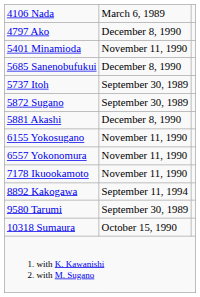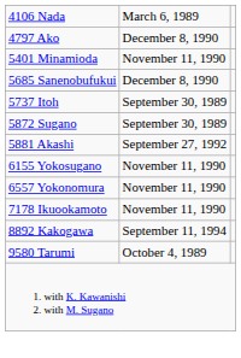 <table class="wikitable floatright" style="font-size: 0.9em;">
 <tr>
 <td><a href='#'>4106 Nada</a></td>
 <td>March 6, 1989</td>
 <td></td>
 </tr>
 <tr>
 <td><a href='#'>4797 Ako</a></td>
 <td>December 8, 1990</td>
 <td></td>
 </tr>
 <tr>
 <td><a href='#'>5401 Minamioda</a></td>
 <td>November 11, 1990</td>
 <td></td>
 </tr>
 <tr>
 <td><a href='#'>5685 Sanenobufukui</a></td>
 <td>December 8, 1990</td>
 <td></td>
 </tr>
 <tr>
 <td><a href='#'>5737 Itoh</a></td>
 <td>September 30, 1989</td>
 <td></td>
 </tr>
 <tr>
 <td><a href='#'>5872 Sugano</a></td>
 <td>September 30, 1989</td>
 <td></td>
 </tr>
 <tr>
 <td><a href='#'>5881 Akashi</a></td>
-<td>December 8, 1990</td>
+<td>September 27, 1992</td>
 <td></td>
 </tr>
 <tr>
 <td><a href='#'>6155 Yokosugano</a></td>
 <td>November 11, 1990</td>
 <td></td>
 </tr>
 <tr>
 <td><a href='#'>6557 Yokonomura</a></td>
 <td>November 11, 1990</td>
 <td></td>
 </tr>
 <tr>
 <td><a href='#'>7178 Ikuookamoto</a></td>
 <td>November 11, 1990</td>
 <td></td>
 </tr>
 <tr>
 <td><a href='#'>8892 Kakogawa</a></td>
 <td>September 11, 1994</td>
 <td></td>
 </tr>
 <tr>
 <td><a href='#'>9580 Tarumi</a></td>
-<td>September 30, 1989</td>
-<td></td>
-</tr>
-<tr>
-<td><a href='#'>10318 Sumaura</a></td>
-<td>October 15, 1990</td>
+<td>October 4, 1989</td>
 <td></td>
 </tr>
 <tr>
 <td colspan=3 style="font-size: smaller;"><br><ol><li> with <a href='#'>K. Kawanishi</a></li><li> with <a href='#'>M. Sugano</a></li></ol></td>
 </tr>
 </table>
